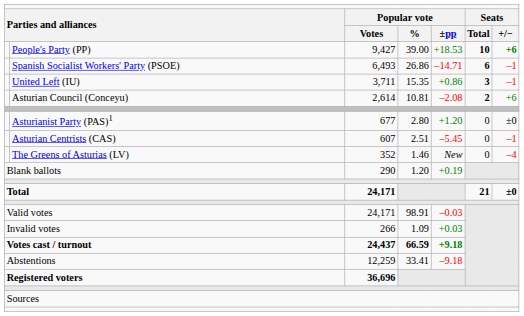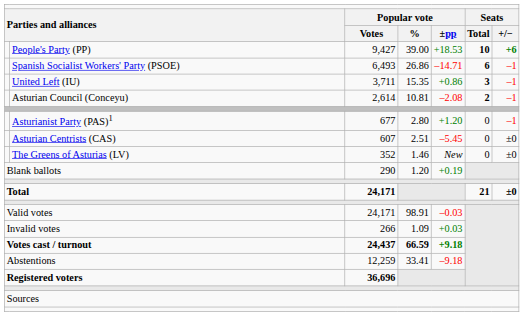 <table class="wikitable" style="text-align:right;">
 <tr>
 <td colspan="7"></td>
 </tr>
 <tr>
 <th style="text-align:left;" rowspan="2" colspan="2" width="525">Parties and alliances</th>
 <th colspan="3">Popular vote</th>
 <th colspan="2">Seats</th>
 </tr>
 <tr>
 <th width="75">Votes</th>
 <th width="45">%</th>
 <th width="45">±<a href='#'>pp</a></th>
 <th width="35">Total</th>
 <th width="35">+/−</th>
 </tr>
 <tr>
 <td width="1" style="color:inherit;background:"></td>
 <td align="left"><a href='#'>People's Party</a> (PP)</td>
 <td>9,427</td>
 <td>39.00</td>
 <td style="color:green;">+18.53</td>
 <td><strong>10</strong></td>
 <td style="color:green;"><strong>+6</strong></td>
 </tr>
 <tr>
 <td style="color:inherit;background:"></td>
 <td align="left"><a href='#'>Spanish Socialist Workers' Party</a> (PSOE)</td>
 <td>6,493</td>
 <td>26.86</td>
 <td style="color:red;">–14.71</td>
 <td><strong>6</strong></td>
 <td style="color:red;">–1</td>
 </tr>
 <tr>
 <td style="color:inherit;background:"></td>
 <td align="left"><a href='#'>United Left</a> (IU)</td>
 <td>3,711</td>
 <td>15.35</td>
 <td style="color:green;">+0.86</td>
 <td><strong>3</strong></td>
 <td style="color:red;">–1</td>
 </tr>
 <tr>
 <td style="color:inherit;background:"></td>
 <td align="left">Asturian Council (Conceyu)</td>
 <td>2,614</td>
 <td>10.81</td>
 <td style="color:red;">–2.08</td>
 <td><strong>2</strong></td>
-<td style="color:green;">+6</td>
+<td style="color:red;">–1</td>
 </tr>
 <tr>
 <td colspan="7" bgcolor="#C0C0C0"></td>
 </tr>
 <tr>
 <td style="color:inherit;background:"></td>
 <td align="left"><a href='#'>Asturianist Party</a> (PAS)<sup>1</sup></td>
 <td>677</td>
 <td>2.80</td>
 <td style="color:green;">+1.20</td>
 <td>0</td>
-<td>±0</td>
+<td style="color:red;">–1</td>
 </tr>
 <tr>
 <td style="color:inherit;background:"></td>
 <td align="left"><a href='#'>Asturian Centrists</a> (CAS)</td>
 <td>607</td>
 <td>2.51</td>
 <td style="color:red;">–5.45</td>
 <td>0</td>
-<td style="color:red;">–1</td>
+<td>±0</td>
 </tr>
 <tr>
 <td style="color:inherit;background:"></td>
 <td align="left"><a href='#'>The Greens of Asturias</a> (LV)</td>
 <td>352</td>
 <td>1.46</td>
 <td><em>New</em></td>
 <td>0</td>
-<td style="color:red;">–4</td>
+<td>±0</td>
 </tr>
 <tr>
 <td align="left" colspan="2">Blank ballots</td>
 <td>290</td>
 <td>1.20</td>
 <td style="color:green;">+0.19</td>
 <td bgcolor="#E9E9E9" colspan="2"></td>
 </tr>
 <tr>
 <td colspan="7" bgcolor="#E9E9E9"></td>
 </tr>
 <tr style="font-weight:bold;">
 <td align="left" colspan="2">Total</td>
 <td>24,171</td>
 <td bgcolor="#E9E9E9" colspan="2"></td>
 <td>21</td>
 <td>±0</td>
 </tr>
 <tr>
 <td colspan="7" bgcolor="#E9E9E9"></td>
 </tr>
 <tr>
 <td align="left" colspan="2">Valid votes</td>
 <td>24,171</td>
 <td>98.91</td>
 <td style="color:red;">–0.03</td>
 <td bgcolor="#E9E9E9" colspan="2" rowspan="5"></td>
 </tr>
 <tr>
 <td align="left" colspan="2">Invalid votes</td>
 <td>266</td>
 <td>1.09</td>
 <td style="color:green;">+0.03</td>
 </tr>
 <tr style="font-weight:bold;">
 <td align="left" colspan="2">Votes cast / turnout</td>
 <td>24,437</td>
 <td>66.59</td>
 <td style="color:green;">+9.18</td>
 </tr>
 <tr>
 <td align="left" colspan="2">Abstentions</td>
 <td>12,259</td>
 <td>33.41</td>
 <td style="color:red;">–9.18</td>
 </tr>
 <tr style="font-weight:bold;">
 <td align="left" colspan="2">Registered voters</td>
 <td>36,696</td>
 <td bgcolor="#E9E9E9" colspan="2"></td>
 </tr>
 <tr>
 <td colspan="7" bgcolor="#E9E9E9"></td>
 </tr>
 <tr>
 <td align="left" colspan="7">Sources</td>
 </tr>
 <tr>
 <td colspan="7" style="text-align:left; max-width:790px;"></td>
 </tr>
 </table>
